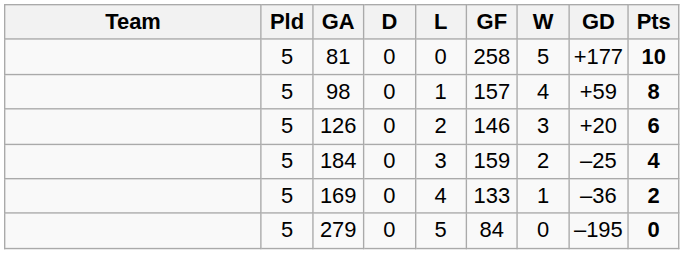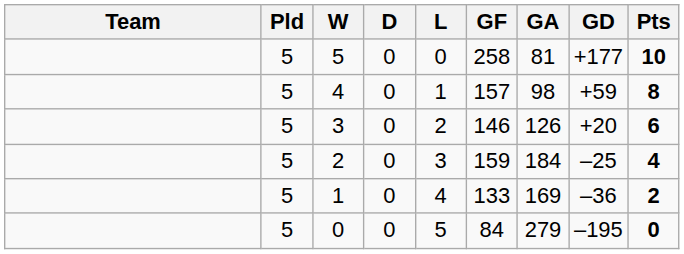 <table class="wikitable" style="text-align: center;">
 <tr>
 <th width="180">Team</th>
 <th width="30">Pld</th>
-<th width="30">GA</th>
+<th width="30">W</th>
 <th width="30">D</th>
 <th width="30">L</th>
 <th width="30">GF</th>
-<th width="30">W</th>
+<th width="30">GA</th>
 <th width="30">GD</th>
 <th width="30">Pts</th>
 </tr>
 <tr>
 <td align="left"></td>
 <td>5</td>
-<td>81</td>
+<td>5</td>
 <td>0</td>
 <td>0</td>
 <td>258</td>
-<td>5</td>
+<td>81</td>
 <td>+177</td>
 <td><strong>10</strong></td>
 </tr>
 <tr>
 <td align="left"></td>
 <td>5</td>
-<td>98</td>
+<td>4</td>
 <td>0</td>
 <td>1</td>
 <td>157</td>
-<td>4</td>
+<td>98</td>
 <td>+59</td>
 <td><strong>8</strong></td>
 </tr>
 <tr>
 <td align="left"></td>
 <td>5</td>
-<td>126</td>
+<td>3</td>
 <td>0</td>
 <td>2</td>
 <td>146</td>
-<td>3</td>
+<td>126</td>
 <td>+20</td>
 <td><strong>6</strong></td>
 </tr>
 <tr>
 <td align="left"></td>
 <td>5</td>
-<td>184</td>
+<td>2</td>
 <td>0</td>
 <td>3</td>
 <td>159</td>
-<td>2</td>
+<td>184</td>
 <td>–25</td>
 <td><strong>4</strong></td>
 </tr>
 <tr>
 <td align="left"></td>
 <td>5</td>
-<td>169</td>
+<td>1</td>
 <td>0</td>
 <td>4</td>
 <td>133</td>
-<td>1</td>
+<td>169</td>
 <td>–36</td>
 <td><strong>2</strong></td>
 </tr>
 <tr>
 <td align="left"></td>
 <td>5</td>
-<td>279</td>
+<td>0</td>
 <td>0</td>
 <td>5</td>
 <td>84</td>
-<td>0</td>
+<td>279</td>
 <td>–195</td>
 <td><strong>0</strong></td>
 </tr>
 </table>
